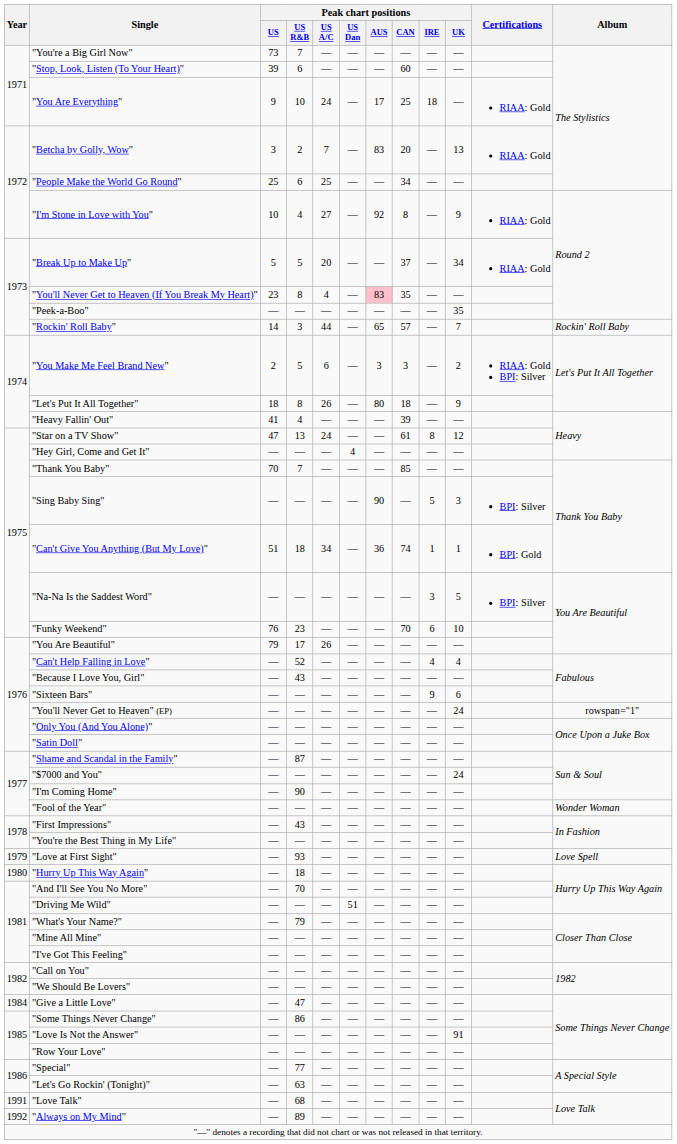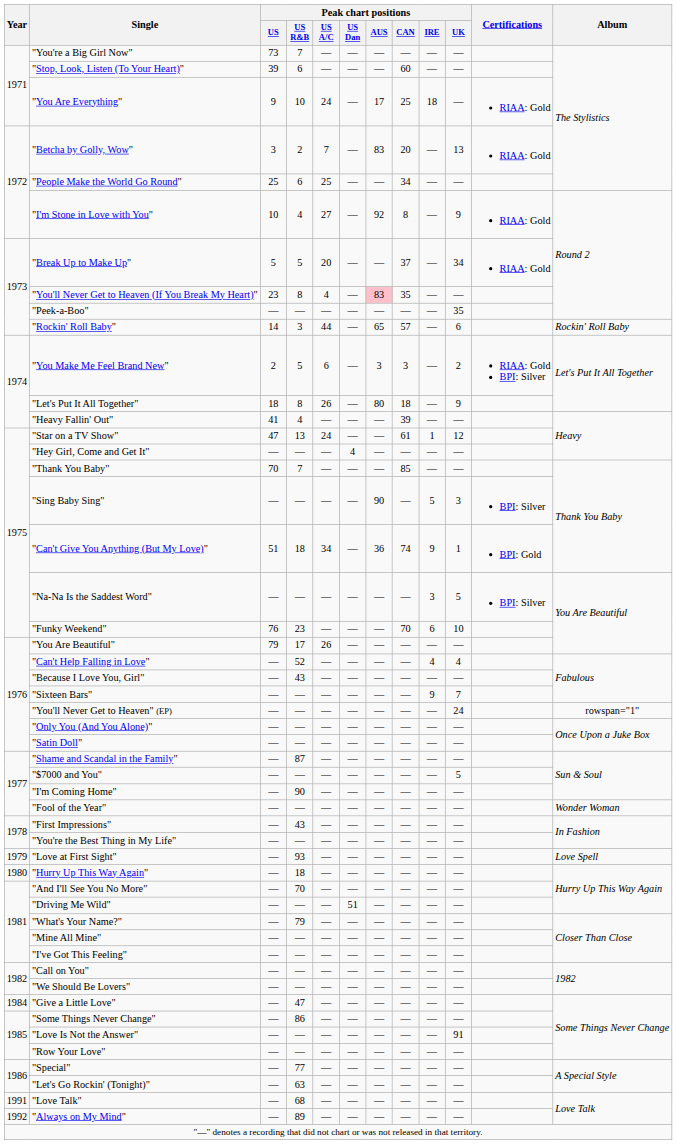 <table class="wikitable" style="text-align:center;">
 <tr>
 <th rowspan="2">Year</th>
 <th rowspan="2">Single</th>
 <th colspan="8">Peak chart positions</th>
 <th rowspan="2"><a href='#'>Certifications</a></th>
 <th rowspan="2">Album</th>
 </tr>
 <tr style="font-size:smaller;">
 <th width="35"><a href='#'>US</a><br></th>
 <th width="35"><a href='#'>US<br>R&B</a><br></th>
 <th width="35"><a href='#'>US<br>A/C</a><br></th>
 <th width="35"><a href='#'>US<br>Dan</a><br></th>
 <th width="35"><a href='#'>AUS</a><br></th>
 <th width="35"><a href='#'>CAN</a><br></th>
 <th width="35"><a href='#'>IRE</a><br></th>
 <th width="35"><a href='#'>UK</a><br></th>
 </tr>
 <tr>
 <td rowspan="3">1971</td>
 <td align="left">"You're a Big Girl Now"</td>
 <td>73</td>
 <td>7</td>
 <td>—</td>
 <td>—</td>
 <td>—</td>
 <td>—</td>
 <td>—</td>
 <td>—</td>
 <td align="left"></td>
 <td align=left rowspan="5"><em>The Stylistics</em></td>
 </tr>
 <tr>
 <td align="left">"<a href='#'>Stop, Look, Listen (To Your Heart)</a>"</td>
 <td>39</td>
 <td>6</td>
 <td>—</td>
 <td>—</td>
 <td>—</td>
 <td>60</td>
 <td>—</td>
 <td>—</td>
 <td align="left"></td>
 </tr>
 <tr>
 <td align="left">"<a href='#'>You Are Everything</a>"</td>
 <td>9</td>
 <td>10</td>
 <td>24</td>
 <td>—</td>
 <td>17</td>
 <td>25</td>
 <td>18</td>
 <td>—</td>
 <td align="left"><br><ul><li><a href='#'>RIAA</a>: Gold</li></ul></td>
 </tr>
 <tr>
 <td rowspan="3">1972</td>
 <td align="left">"<a href='#'>Betcha by Golly, Wow</a>"</td>
 <td>3</td>
 <td>2</td>
 <td>7</td>
 <td>—</td>
 <td>83</td>
 <td>20</td>
 <td>—</td>
 <td>13</td>
 <td align="left"><br><ul><li><a href='#'>RIAA</a>: Gold</li></ul></td>
 </tr>
 <tr>
 <td align="left">"<a href='#'>People Make the World Go Round</a>"</td>
 <td>25</td>
 <td>6</td>
 <td>25</td>
 <td>—</td>
 <td>—</td>
 <td>34</td>
 <td>—</td>
 <td>—</td>
 <td align="left"></td>
 </tr>
 <tr>
 <td align="left">"<a href='#'>I'm Stone in Love with You</a>"</td>
 <td>10</td>
 <td>4</td>
 <td>27</td>
 <td>—</td>
 <td>92</td>
 <td>8</td>
 <td>—</td>
 <td>9</td>
 <td align="left"><br><ul><li><a href='#'>RIAA</a>: Gold</li></ul></td>
 <td align=left rowspan="4"><em>Round 2</em></td>
 </tr>
 <tr>
 <td rowspan="4">1973</td>
 <td align="left">"<a href='#'>Break Up to Make Up</a>"</td>
 <td>5</td>
 <td>5</td>
 <td>20</td>
 <td>—</td>
 <td>—</td>
 <td>37</td>
 <td>—</td>
 <td>34</td>
 <td align="left"><br><ul><li><a href='#'>RIAA</a>: Gold</li></ul></td>
 </tr>
 <tr>
 <td align="left">"<a href='#'>You'll Never Get to Heaven (If You Break My Heart)</a>"</td>
 <td>23</td>
 <td>8</td>
 <td>4</td>
 <td>—</td>
 <td style="background: pink;">83</td>
 <td>35</td>
 <td>—</td>
 <td>—</td>
 <td align="left"></td>
 </tr>
 <tr>
 <td align="left">"Peek-a-Boo"</td>
 <td>—</td>
 <td>—</td>
 <td>—</td>
 <td>—</td>
 <td>—</td>
 <td>—</td>
 <td>—</td>
 <td>35</td>
 <td align="left"></td>
 </tr>
 <tr>
 <td align="left">"<a href='#'>Rockin' Roll Baby</a>"</td>
 <td>14</td>
 <td>3</td>
 <td>44</td>
 <td>—</td>
 <td>65</td>
 <td>57</td>
 <td>—</td>
-<td>7</td>
+<td>6</td>
 <td align="left"></td>
 <td align=left rowspan="1"><em>Rockin' Roll Baby</em></td>
 </tr>
 <tr>
 <td rowspan="3">1974</td>
 <td align="left">"<a href='#'>You Make Me Feel Brand New</a>"</td>
 <td>2</td>
 <td>5</td>
 <td>6</td>
 <td>—</td>
 <td>3</td>
 <td>3</td>
 <td>—</td>
 <td>2</td>
 <td align="left"><br><ul><li><a href='#'>RIAA</a>: Gold</li><li><a href='#'>BPI</a>: Silver</li></ul></td>
 <td align=left rowspan="2"><em>Let's Put It All Together</em></td>
 </tr>
 <tr>
 <td align="left">"Let's Put It All Together"</td>
 <td>18</td>
 <td>8</td>
 <td>26</td>
 <td>—</td>
 <td>80</td>
 <td>18</td>
 <td>—</td>
 <td>9</td>
 <td align="left"></td>
 </tr>
 <tr>
 <td align="left">"Heavy Fallin' Out"</td>
 <td>41</td>
 <td>4</td>
 <td>—</td>
 <td>—</td>
 <td>—</td>
 <td>39</td>
 <td>—</td>
 <td>—</td>
 <td align="left"></td>
 <td align=left rowspan="3"><em>Heavy</em></td>
 </tr>
 <tr>
 <td rowspan="7">1975</td>
 <td align="left">"Star on a TV Show"</td>
 <td>47</td>
 <td>13</td>
 <td>24</td>
 <td>—</td>
 <td>—</td>
 <td>61</td>
-<td>8</td>
+<td>1</td>
 <td>12</td>
 <td align="left"></td>
 </tr>
 <tr>
 <td align="left">"Hey Girl, Come and Get It"</td>
 <td>—</td>
 <td>—</td>
 <td>—</td>
 <td>4</td>
 <td>—</td>
 <td>—</td>
 <td>—</td>
 <td>—</td>
 <td align="left"></td>
 </tr>
 <tr>
 <td align="left">"Thank You Baby"</td>
 <td>70</td>
 <td>7</td>
 <td>—</td>
 <td>—</td>
 <td>—</td>
 <td>85</td>
 <td>—</td>
 <td>—</td>
 <td align="left"></td>
 <td align=left rowspan="3"><em>Thank You Baby</em></td>
 </tr>
 <tr>
 <td align="left">"Sing Baby Sing"</td>
 <td>—</td>
 <td>—</td>
 <td>—</td>
 <td>—</td>
 <td>90</td>
 <td>—</td>
 <td>5</td>
 <td>3</td>
 <td align="left"><br><ul><li><a href='#'>BPI</a>: Silver</li></ul></td>
 </tr>
 <tr>
 <td align="left">"<a href='#'>Can't Give You Anything (But My Love)</a>"</td>
 <td>51</td>
 <td>18</td>
 <td>34</td>
 <td>—</td>
 <td>36</td>
 <td>74</td>
-<td>1</td>
+<td>9</td>
 <td>1</td>
 <td align="left"><br><ul><li><a href='#'>BPI</a>: Gold</li></ul></td>
 </tr>
 <tr>
 <td align="left">"Na-Na Is the Saddest Word"</td>
 <td>—</td>
 <td>—</td>
 <td>—</td>
 <td>—</td>
 <td>—</td>
 <td>—</td>
 <td>3</td>
 <td>5</td>
 <td align="left"><br><ul><li><a href='#'>BPI</a>: Silver</li></ul></td>
 <td align=left rowspan="3"><em>You Are Beautiful</em></td>
 </tr>
 <tr>
 <td align="left">"Funky Weekend"</td>
 <td>76</td>
 <td>23</td>
 <td>—</td>
 <td>—</td>
 <td>—</td>
 <td>70</td>
 <td>6</td>
 <td>10</td>
 <td align="left"></td>
 </tr>
 <tr>
 <td rowspan="7">1976</td>
 <td align="left">"You Are Beautiful"</td>
 <td>79</td>
 <td>17</td>
 <td>26</td>
 <td>—</td>
 <td>—</td>
 <td>—</td>
 <td>—</td>
 <td>—</td>
 <td align="left"></td>
 </tr>
 <tr>
 <td align="left">"<a href='#'>Can't Help Falling in Love</a>"</td>
 <td>—</td>
 <td>52</td>
 <td>—</td>
 <td>—</td>
 <td>—</td>
 <td>—</td>
 <td>4</td>
 <td>4</td>
 <td align="left"></td>
 <td align=left rowspan="3"><em>Fabulous</em></td>
 </tr>
 <tr>
 <td align="left">"Because I Love You, Girl"</td>
 <td>—</td>
 <td>43</td>
 <td>—</td>
 <td>—</td>
 <td>—</td>
 <td>—</td>
 <td>—</td>
 <td>—</td>
 <td align="left"></td>
 </tr>
 <tr>
 <td align="left">"Sixteen Bars"</td>
 <td>—</td>
 <td>—</td>
 <td>—</td>
 <td>—</td>
 <td>—</td>
 <td>—</td>
 <td>9</td>
-<td>6</td>
+<td>7</td>
 <td align="left"></td>
 </tr>
 <tr>
 <td align="left">"You'll Never Get to Heaven" <small>(EP)</small></td>
 <td>—</td>
 <td>—</td>
 <td>—</td>
 <td>—</td>
 <td>—</td>
 <td>—</td>
 <td>—</td>
 <td>24</td>
 <td align="left"></td>
 <td>rowspan="1" </td>
 </tr>
 <tr>
 <td align="left">"<a href='#'>Only You (And You Alone)</a>"</td>
 <td>—</td>
 <td>—</td>
 <td>—</td>
 <td>—</td>
 <td>—</td>
 <td>—</td>
 <td>—</td>
 <td>—</td>
 <td align="left"></td>
 <td align=left rowspan="2"><em>Once Upon a Juke Box</em></td>
 </tr>
 <tr>
 <td align="left">"<a href='#'>Satin Doll</a>"</td>
 <td>—</td>
 <td>—</td>
 <td>—</td>
 <td>—</td>
 <td>—</td>
 <td>—</td>
 <td>—</td>
 <td>—</td>
 <td align="left"></td>
 </tr>
 <tr>
 <td rowspan="4">1977</td>
 <td align="left">"<a href='#'>Shame and Scandal in the Family</a>"</td>
 <td>—</td>
 <td>87</td>
 <td>—</td>
 <td>—</td>
 <td>—</td>
 <td>—</td>
 <td>—</td>
 <td>—</td>
 <td align="left"></td>
 <td align=left rowspan="3"><em>Sun & Soul</em></td>
 </tr>
 <tr>
 <td align="left">"$7000 and You"</td>
 <td>—</td>
 <td>—</td>
 <td>—</td>
 <td>—</td>
 <td>—</td>
 <td>—</td>
 <td>—</td>
-<td>24</td>
+<td>5</td>
 <td align="left"></td>
 </tr>
 <tr>
 <td align="left">"I'm Coming Home"</td>
 <td>—</td>
 <td>90</td>
 <td>—</td>
 <td>—</td>
 <td>—</td>
 <td>—</td>
 <td>—</td>
 <td>—</td>
 <td align="left"></td>
 </tr>
 <tr>
 <td align="left">"Fool of the Year"</td>
 <td>—</td>
 <td>—</td>
 <td>—</td>
 <td>—</td>
 <td>—</td>
 <td>—</td>
 <td>—</td>
 <td>—</td>
 <td align="left"></td>
 <td align=left rowspan="1"><em>Wonder Woman</em></td>
 </tr>
 <tr>
 <td rowspan="2">1978</td>
 <td align="left">"First Impressions"</td>
 <td>—</td>
 <td>43</td>
 <td>—</td>
 <td>—</td>
 <td>—</td>
 <td>—</td>
 <td>—</td>
 <td>—</td>
 <td align="left"></td>
 <td align=left rowspan="2"><em>In Fashion</em></td>
 </tr>
 <tr>
 <td align="left">"You're the Best Thing in My Life"</td>
 <td>—</td>
 <td>—</td>
 <td>—</td>
 <td>—</td>
 <td>—</td>
 <td>—</td>
 <td>—</td>
 <td>—</td>
 <td align="left"></td>
 </tr>
 <tr>
 <td rowspan="1">1979</td>
 <td align="left">"Love at First Sight"</td>
 <td>—</td>
 <td>93</td>
 <td>—</td>
 <td>—</td>
 <td>—</td>
 <td>—</td>
 <td>—</td>
 <td>—</td>
 <td align="left"></td>
 <td align=left rowspan="1"><em>Love Spell</em></td>
 </tr>
 <tr>
 <td rowspan="1">1980</td>
 <td align="left">"<a href='#'>Hurry Up This Way Again</a>"</td>
 <td>—</td>
 <td>18</td>
 <td>—</td>
 <td>—</td>
 <td>—</td>
 <td>—</td>
 <td>—</td>
 <td>—</td>
 <td align="left"></td>
 <td align=left rowspan="3"><em>Hurry Up This Way Again</em></td>
 </tr>
 <tr>
 <td rowspan="5">1981</td>
 <td align="left">"And I'll See You No More"</td>
 <td>—</td>
 <td>70</td>
 <td>—</td>
 <td>—</td>
 <td>—</td>
 <td>—</td>
 <td>—</td>
 <td>—</td>
 <td align="left"></td>
 </tr>
 <tr>
 <td align="left">"Driving Me Wild"</td>
 <td>—</td>
 <td>—</td>
 <td>—</td>
 <td>51</td>
 <td>—</td>
 <td>—</td>
 <td>—</td>
 <td>—</td>
 <td align="left"></td>
 </tr>
 <tr>
 <td align="left">"What's Your Name?"</td>
 <td>—</td>
 <td>79</td>
 <td>—</td>
 <td>—</td>
 <td>—</td>
 <td>—</td>
 <td>—</td>
 <td>—</td>
 <td align="left"></td>
 <td align=left rowspan="3"><em>Closer Than Close</em></td>
 </tr>
 <tr>
 <td align="left">"Mine All Mine"</td>
 <td>—</td>
 <td>—</td>
 <td>—</td>
 <td>—</td>
 <td>—</td>
 <td>—</td>
 <td>—</td>
 <td>—</td>
 <td align="left"></td>
 </tr>
 <tr>
 <td align="left">"I've Got This Feeling"</td>
 <td>—</td>
 <td>—</td>
 <td>—</td>
 <td>—</td>
 <td>—</td>
 <td>—</td>
 <td>—</td>
 <td>—</td>
 <td align="left"></td>
 </tr>
 <tr>
 <td rowspan="2">1982</td>
 <td align="left">"Call on You"</td>
 <td>—</td>
 <td>—</td>
 <td>—</td>
 <td>—</td>
 <td>—</td>
 <td>—</td>
 <td>—</td>
 <td>—</td>
 <td align="left"></td>
 <td align=left rowspan="2"><em>1982</em></td>
 </tr>
 <tr>
 <td align="left">"We Should Be Lovers"</td>
 <td>—</td>
 <td>—</td>
 <td>—</td>
 <td>—</td>
 <td>—</td>
 <td>—</td>
 <td>—</td>
 <td>—</td>
 <td align="left"></td>
 </tr>
 <tr>
 <td rowspan="1">1984</td>
 <td align="left">"Give a Little Love"</td>
 <td>—</td>
 <td>47</td>
 <td>—</td>
 <td>—</td>
 <td>—</td>
 <td>—</td>
 <td>—</td>
 <td>—</td>
 <td align="left"></td>
 <td align=left rowspan="4"><em>Some Things Never Change</em></td>
 </tr>
 <tr>
 <td rowspan="3">1985</td>
 <td align="left">"Some Things Never Change"</td>
 <td>—</td>
 <td>86</td>
 <td>—</td>
 <td>—</td>
 <td>—</td>
 <td>—</td>
 <td>—</td>
 <td>—</td>
 <td align="left"></td>
 </tr>
 <tr>
 <td align="left">"Love Is Not the Answer"</td>
 <td>—</td>
 <td>—</td>
 <td>—</td>
 <td>—</td>
 <td>—</td>
 <td>—</td>
 <td>—</td>
 <td>91</td>
 <td align="left"></td>
 </tr>
 <tr>
 <td align="left">"Row Your Love"</td>
 <td>—</td>
 <td>—</td>
 <td>—</td>
 <td>—</td>
 <td>—</td>
 <td>—</td>
 <td>—</td>
 <td>—</td>
 <td align="left"></td>
 </tr>
 <tr>
 <td rowspan="2">1986</td>
 <td align="left">"Special"</td>
 <td>—</td>
 <td>77</td>
 <td>—</td>
 <td>—</td>
 <td>—</td>
 <td>—</td>
 <td>—</td>
 <td>—</td>
 <td align="left"></td>
 <td align=left rowspan="2"><em>A Special Style</em></td>
 </tr>
 <tr>
 <td align="left">"Let's Go Rockin' (Tonight)"</td>
 <td>—</td>
 <td>63</td>
 <td>—</td>
 <td>—</td>
 <td>—</td>
 <td>—</td>
 <td>—</td>
 <td>—</td>
 <td align="left"></td>
 </tr>
 <tr>
 <td rowspan="1">1991</td>
 <td align="left">"Love Talk"</td>
 <td>—</td>
 <td>68</td>
 <td>—</td>
 <td>—</td>
 <td>—</td>
 <td>—</td>
 <td>—</td>
 <td>—</td>
 <td align="left"></td>
 <td align=left rowspan="2"><em>Love Talk</em></td>
 </tr>
 <tr>
 <td rowspan="1">1992</td>
 <td align="left">"<a href='#'>Always on My Mind</a>"</td>
 <td>—</td>
 <td>89</td>
 <td>—</td>
 <td>—</td>
 <td>—</td>
 <td>—</td>
 <td>—</td>
 <td>—</td>
 <td align="left"></td>
 </tr>
 <tr>
 <td colspan="15" style="font-size:90%">"—" denotes a recording that did not chart or was not released in that territory.</td>
 </tr>
 </table>
